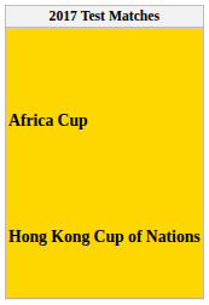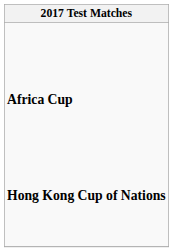 <table class="wikitable collapsible collapsed">
 <tr>
 <th>2017 Test Matches</th>
 </tr>
 <tr>
-<td style="background: gold;"><br><br><br><br><h3>Africa Cup</h3><br><br><br><br><h3>Hong Kong Cup of Nations</h3><br><br></td>
+<td><br><br><br><br><h3>Africa Cup</h3><br><br><br><br><h3>Hong Kong Cup of Nations</h3><br><br></td>
 </tr>
 <tr>
 </tr>
 </table>
